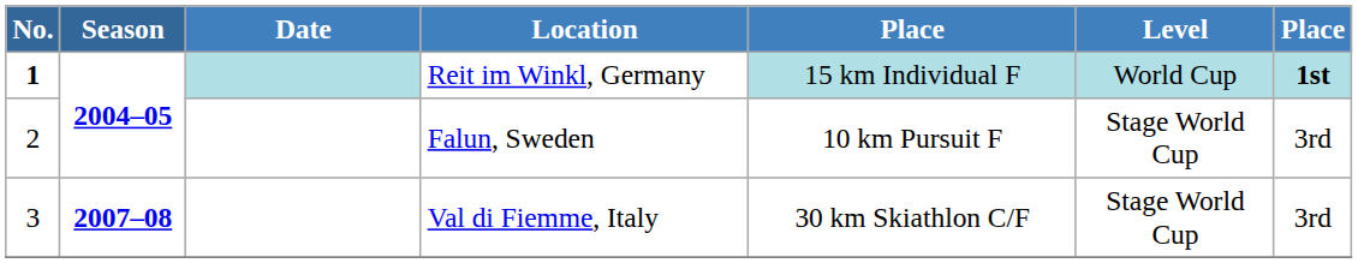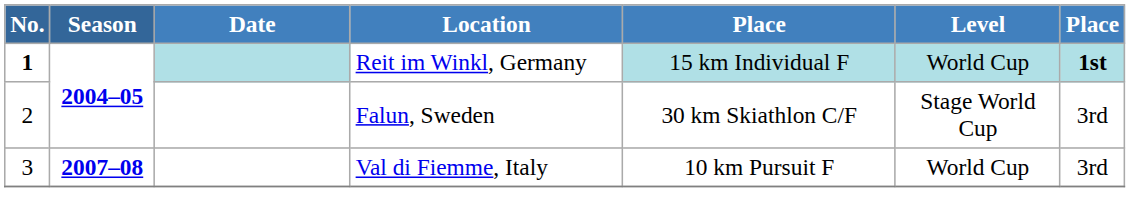 <table class="wikitable sortable" style="font-size:95%; text-align:center; border:grey solid 1px; border-collapse:collapse; background:#ffffff;">
 <tr style="background:#efefef;">
 <th style="background-color:#369; color:white;">No.</th>
 <th style="background-color:#369; color:white;">Season</th>
 <th style="background-color:#4180be; color:white; width:120px;">Date</th>
 <th style="background-color:#4180be; color:white; width:170px;">Location</th>
 <th style="background-color:#4180be; color:white; width:170px;">Place</th>
 <th style="background-color:#4180be; color:white; width:100px;">Level</th>
 <th style="background-color:#4180be; color:white;">Place</th>
 </tr>
 <tr>
 <td align=center><strong>1</strong></td>
 <td rowspan=2 align=center><strong><a href='#'>2004–05</a></strong></td>
 <td bgcolor="#BOEOE6" align=right></td>
 <td align=left> <a href='#'>Reit im Winkl</a>, Germany</td>
 <td bgcolor="#BOEOE6">15 km Individual F</td>
 <td bgcolor="#BOEOE6">World Cup</td>
 <td bgcolor="#BOEOE6"><strong>1st</strong></td>
 </tr>
 <tr>
 <td align=center>2</td>
 <td align=right></td>
 <td align=left> <a href='#'>Falun</a>, Sweden</td>
-<td>10 km Pursuit F</td>
+<td>30 km Skiathlon C/F</td>
 <td>Stage World Cup</td>
 <td>3rd</td>
 </tr>
 <tr>
 <td align=center>3</td>
 <td rowspan=1 align=center><strong> <a href='#'>2007–08</a> </strong></td>
 <td align=right></td>
 <td align=left> <a href='#'>Val di Fiemme</a>, Italy</td>
-<td>30 km Skiathlon C/F</td>
-<td>Stage World Cup</td>
+<td>10 km Pursuit F</td>
+<td>World Cup</td>
 <td>3rd</td>
 </tr>
 <tr>
 </tr>
 </table>
